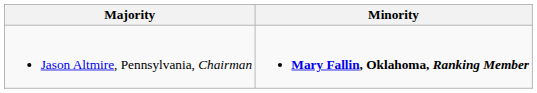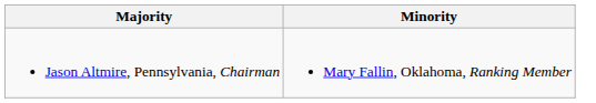 <table class=wikitable>
 <tr>
 <th>Majority</th>
 <th>Minority</th>
 </tr>
 <tr>
 <td><br><ul><li><a href='#'>Jason Altmire</a>, Pennsylvania, <em>Chairman</em></li></ul></td>
-<td><strong><br><ul><li><a href='#'>Mary Fallin</a>, Oklahoma, <em>Ranking Member</em></li></ul></strong></td>
+<td><br><ul><li><a href='#'>Mary Fallin</a>, Oklahoma, <em>Ranking Member</em></li></ul></td>
 </tr>
 </table>
